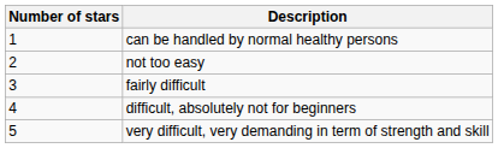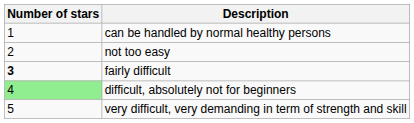 <table class="wikitable" border="1">
 <tr>
 <th>Number of stars</th>
 <th>Description</th>
 </tr>
 <tr>
 <td>1</td>
 <td>can be handled by normal healthy persons</td>
 </tr>
 <tr>
 <td>2</td>
 <td>not too easy</td>
 </tr>
 <tr>
-<td>3</td>
+<td><strong>3</strong></td>
 <td>fairly difficult</td>
 </tr>
 <tr>
-<td>4</td>
+<td style="background: lightgreen;">4</td>
 <td>difficult, absolutely not for beginners</td>
 </tr>
 <tr>
 <td>5</td>
 <td>very difficult, very demanding in term of strength and skill</td>
 </tr>
 </table>
